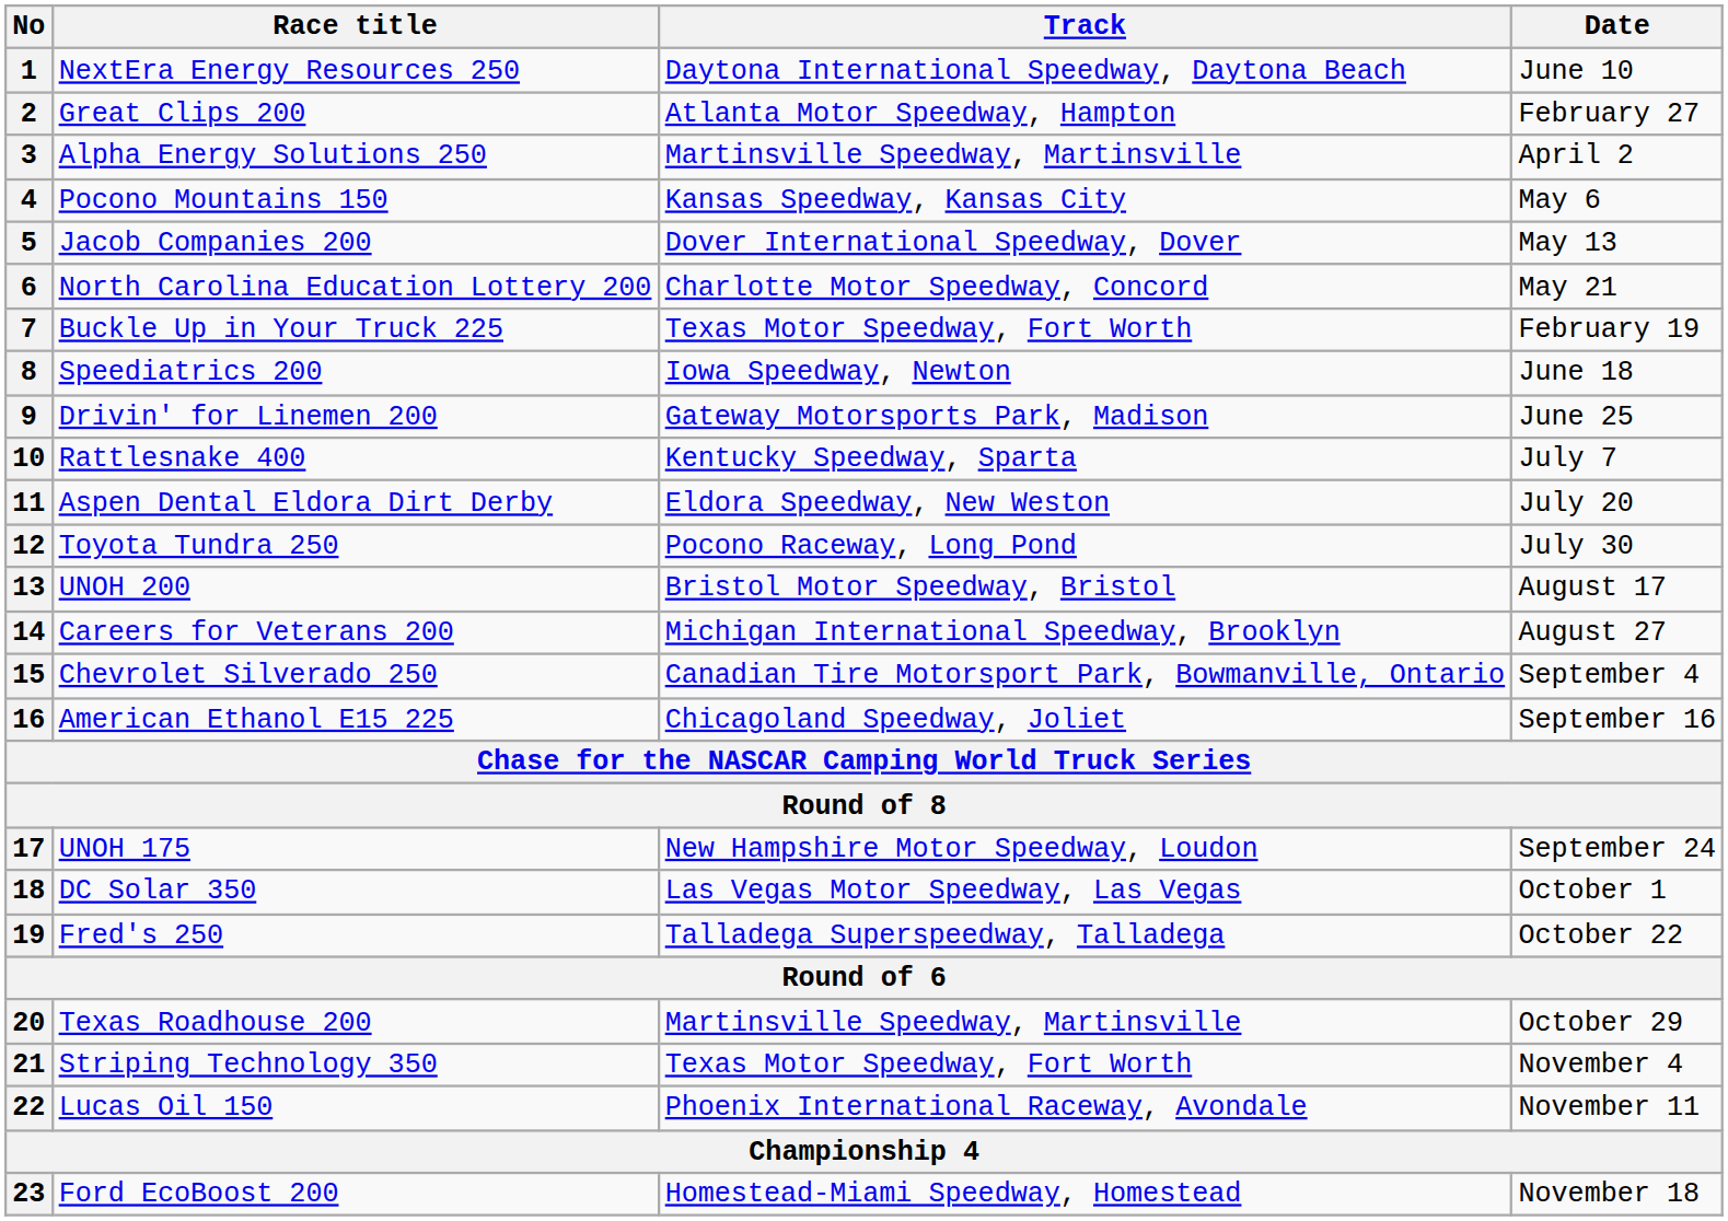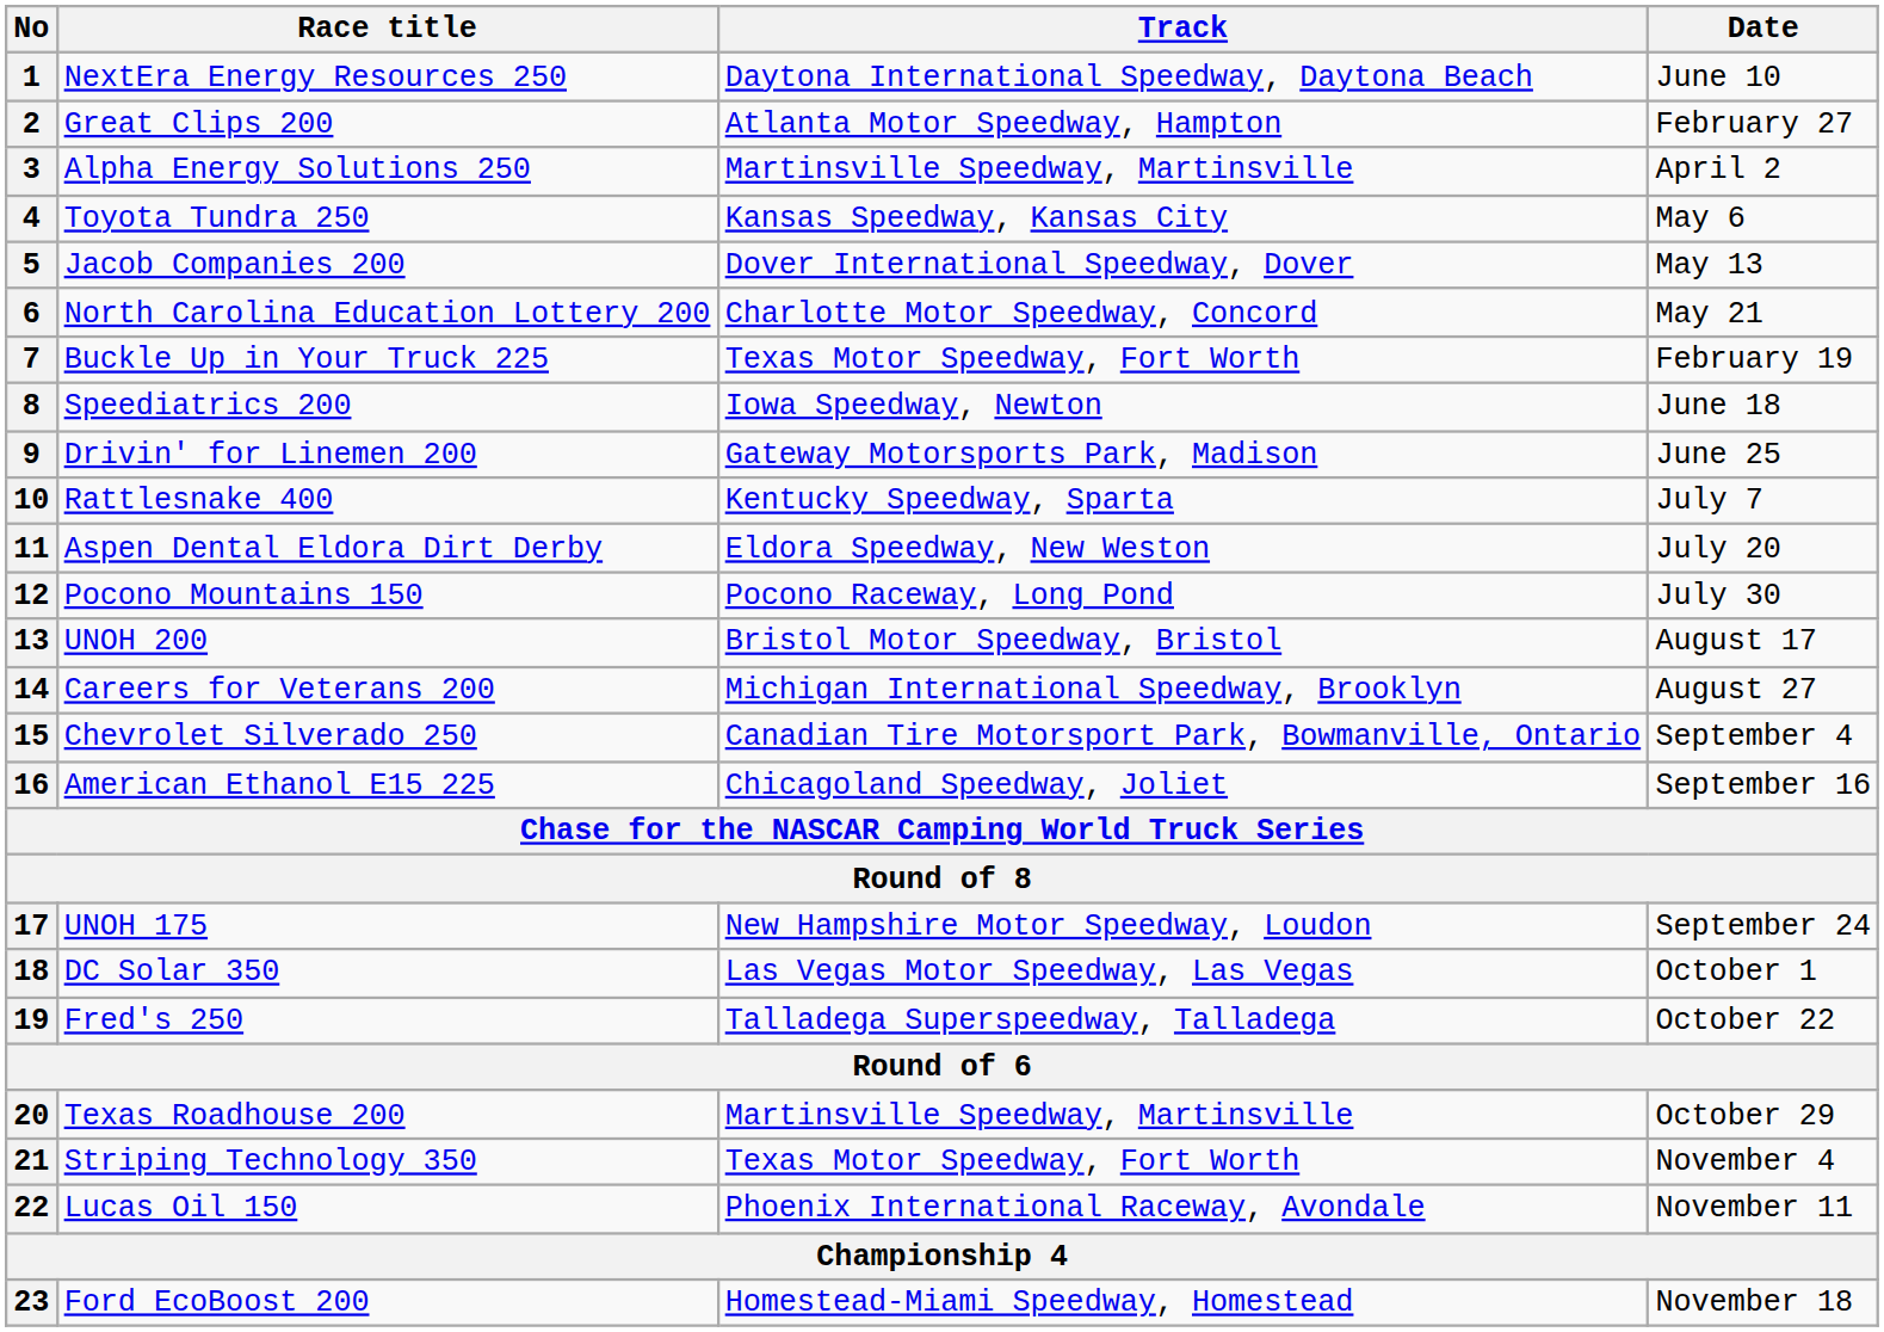 <table class="wikitable" style="font-size:85%;">
 <tr>
 <th>No</th>
 <th>Race title</th>
 <th><a href='#'>Track</a></th>
 <th>Date</th>
 </tr>
 <tr>
 <th>1</th>
 <td><a href='#'>NextEra Energy Resources 250</a></td>
 <td><a href='#'>Daytona International Speedway</a>, <a href='#'>Daytona Beach</a></td>
 <td>June 10</td>
 </tr>
 <tr>
 <th>2</th>
 <td><a href='#'>Great Clips 200</a></td>
 <td><a href='#'>Atlanta Motor Speedway</a>, <a href='#'>Hampton</a></td>
 <td>February 27</td>
 </tr>
 <tr>
 <th>3</th>
 <td><a href='#'>Alpha Energy Solutions 250</a></td>
 <td><a href='#'>Martinsville Speedway</a>, <a href='#'>Martinsville</a></td>
 <td>April 2</td>
 </tr>
 <tr>
 <th>4</th>
-<td><a href='#'>Pocono Mountains 150</a></td>
+<td><a href='#'>Toyota Tundra 250</a></td>
 <td><a href='#'>Kansas Speedway</a>, <a href='#'>Kansas City</a></td>
 <td>May 6</td>
 </tr>
 <tr>
 <th>5</th>
 <td><a href='#'>Jacob Companies 200</a></td>
 <td><a href='#'>Dover International Speedway</a>, <a href='#'>Dover</a></td>
 <td>May 13</td>
 </tr>
 <tr>
 <th>6</th>
 <td><a href='#'>North Carolina Education Lottery 200</a></td>
 <td><a href='#'>Charlotte Motor Speedway</a>, <a href='#'>Concord</a></td>
 <td>May 21</td>
 </tr>
 <tr>
 <th>7</th>
 <td><a href='#'>Buckle Up in Your Truck 225</a></td>
 <td><a href='#'>Texas Motor Speedway</a>, <a href='#'>Fort Worth</a></td>
 <td>February 19</td>
 </tr>
 <tr>
 <th>8</th>
 <td><a href='#'>Speediatrics 200</a></td>
 <td><a href='#'>Iowa Speedway</a>, <a href='#'>Newton</a></td>
 <td>June 18</td>
 </tr>
 <tr>
 <th>9</th>
 <td><a href='#'>Drivin' for Linemen 200</a></td>
 <td><a href='#'>Gateway Motorsports Park</a>, <a href='#'>Madison</a></td>
 <td>June 25</td>
 </tr>
 <tr>
 <th>10</th>
 <td><a href='#'>Rattlesnake 400</a></td>
 <td><a href='#'>Kentucky Speedway</a>, <a href='#'>Sparta</a></td>
 <td>July 7</td>
 </tr>
 <tr>
 <th>11</th>
 <td><a href='#'>Aspen Dental Eldora Dirt Derby</a></td>
 <td><a href='#'>Eldora Speedway</a>, <a href='#'>New Weston</a></td>
 <td>July 20</td>
 </tr>
 <tr>
 <th>12</th>
-<td><a href='#'>Toyota Tundra 250</a></td>
+<td><a href='#'>Pocono Mountains 150</a></td>
 <td><a href='#'>Pocono Raceway</a>, <a href='#'>Long Pond</a></td>
 <td>July 30</td>
 </tr>
 <tr>
 <th>13</th>
 <td><a href='#'>UNOH 200</a></td>
 <td><a href='#'>Bristol Motor Speedway</a>, <a href='#'>Bristol</a></td>
 <td>August 17</td>
 </tr>
 <tr>
 <th>14</th>
 <td><a href='#'>Careers for Veterans 200</a></td>
 <td><a href='#'>Michigan International Speedway</a>, <a href='#'>Brooklyn</a></td>
 <td>August 27</td>
 </tr>
 <tr>
 <th>15</th>
 <td><a href='#'>Chevrolet Silverado 250</a></td>
 <td><a href='#'>Canadian Tire Motorsport Park</a>, <a href='#'>Bowmanville, Ontario</a></td>
 <td>September 4</td>
 </tr>
 <tr>
 <th>16</th>
 <td><a href='#'>American Ethanol E15 225</a></td>
 <td><a href='#'>Chicagoland Speedway</a>, <a href='#'>Joliet</a></td>
 <td>September 16</td>
 </tr>
 <tr>
 <th colspan="5"><a href='#'>Chase for the NASCAR Camping World Truck Series</a></th>
 </tr>
 <tr>
 <th colspan="5">Round of 8</th>
 </tr>
 <tr>
 <th>17</th>
 <td><a href='#'>UNOH 175</a></td>
 <td><a href='#'>New Hampshire Motor Speedway</a>, <a href='#'>Loudon</a></td>
 <td>September 24</td>
 </tr>
 <tr>
 <th>18</th>
 <td><a href='#'>DC Solar 350</a></td>
 <td><a href='#'>Las Vegas Motor Speedway</a>, <a href='#'>Las Vegas</a></td>
 <td>October 1</td>
 </tr>
 <tr>
 <th>19</th>
 <td><a href='#'>Fred's 250</a></td>
 <td><a href='#'>Talladega Superspeedway</a>, <a href='#'>Talladega</a></td>
 <td>October 22</td>
 </tr>
 <tr>
 <th colspan="5">Round of 6</th>
 </tr>
 <tr>
 <th>20</th>
 <td><a href='#'>Texas Roadhouse 200</a></td>
 <td><a href='#'>Martinsville Speedway</a>, <a href='#'>Martinsville</a></td>
 <td>October 29</td>
 </tr>
 <tr>
 <th>21</th>
 <td><a href='#'>Striping Technology 350</a></td>
 <td><a href='#'>Texas Motor Speedway</a>, <a href='#'>Fort Worth</a></td>
 <td>November 4</td>
 </tr>
 <tr>
 <th>22</th>
 <td><a href='#'>Lucas Oil 150</a></td>
 <td><a href='#'>Phoenix International Raceway</a>, <a href='#'>Avondale</a></td>
 <td>November 11</td>
 </tr>
 <tr>
 <th colspan="5">Championship 4</th>
 </tr>
 <tr>
 <th>23</th>
 <td><a href='#'>Ford EcoBoost 200</a></td>
 <td><a href='#'>Homestead-Miami Speedway</a>, <a href='#'>Homestead</a></td>
 <td>November 18</td>
 </tr>
 </table>
